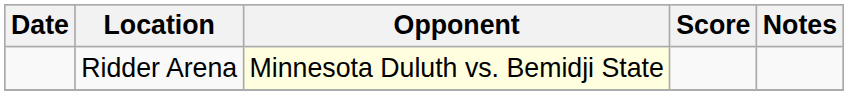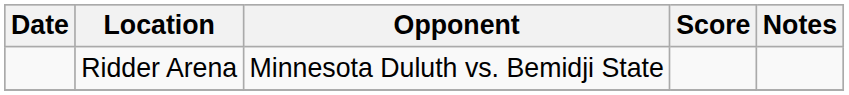 <table class="wikitable">
 <tr>
 <th>Date</th>
 <th>Location</th>
 <th>Opponent</th>
 <th>Score</th>
 <th>Notes</th>
 </tr>
 <tr>
 <td></td>
 <td>Ridder Arena</td>
-<td style="background: lightyellow;">Minnesota Duluth vs. Bemidji State</td>
+<td>Minnesota Duluth vs. Bemidji State</td>
 <td></td>
 <td></td>
 </tr>
 <tr>
 </tr>
 </table>
